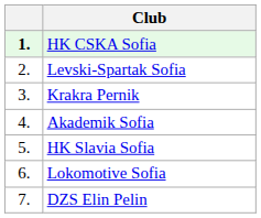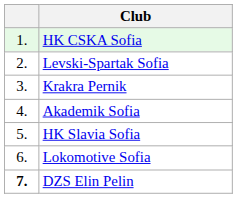 <table class="wikitable">
 <tr>
 <th width="30"></th>
 <th width="200">Club</th>
 </tr>
 <tr bgcolor="#e6fae6" align="center">
-<td><strong>1.</strong></td>
+<td>1.</td>
 <td align="left"><a href='#'>HK CSKA Sofia</a></td>
 </tr>
 <tr bgcolor="#FFFFFF" align="center">
 <td>2.</td>
 <td align="left"><a href='#'>Levski-Spartak Sofia</a></td>
 </tr>
 <tr bgcolor="#FFFFFF" align="center">
 <td>3.</td>
 <td align="left"><a href='#'>Krakra Pernik</a></td>
 </tr>
 <tr bgcolor="#FFFFFF" align="center">
 <td>4.</td>
 <td align="left"><a href='#'>Akademik Sofia</a></td>
 </tr>
 <tr bgcolor="#FFFFFF" align="center">
 <td>5.</td>
 <td align="left"><a href='#'>HK Slavia Sofia</a></td>
 </tr>
 <tr bgcolor="#FFFFFF" align="center">
 <td>6.</td>
 <td align="left"><a href='#'>Lokomotive Sofia</a></td>
 </tr>
 <tr bgcolor="#FFFFFF" align="center">
-<td>7.</td>
+<td><strong>7.</strong></td>
 <td align="left"><a href='#'>DZS Elin Pelin</a></td>
 </tr>
 </table>
